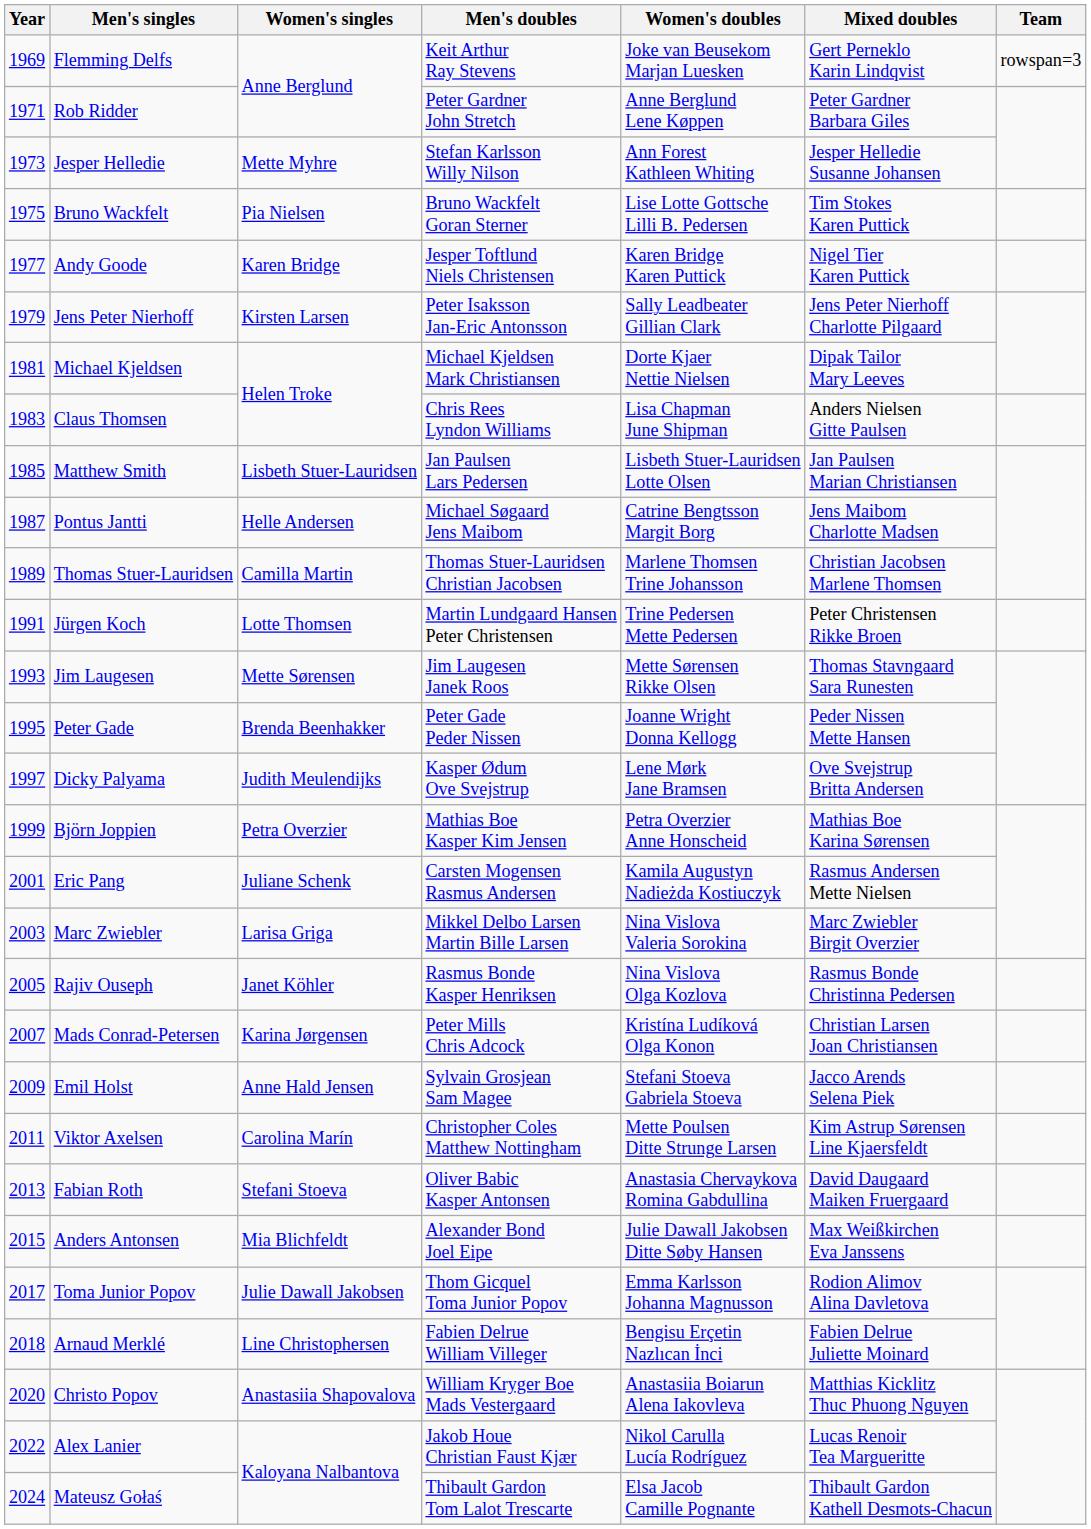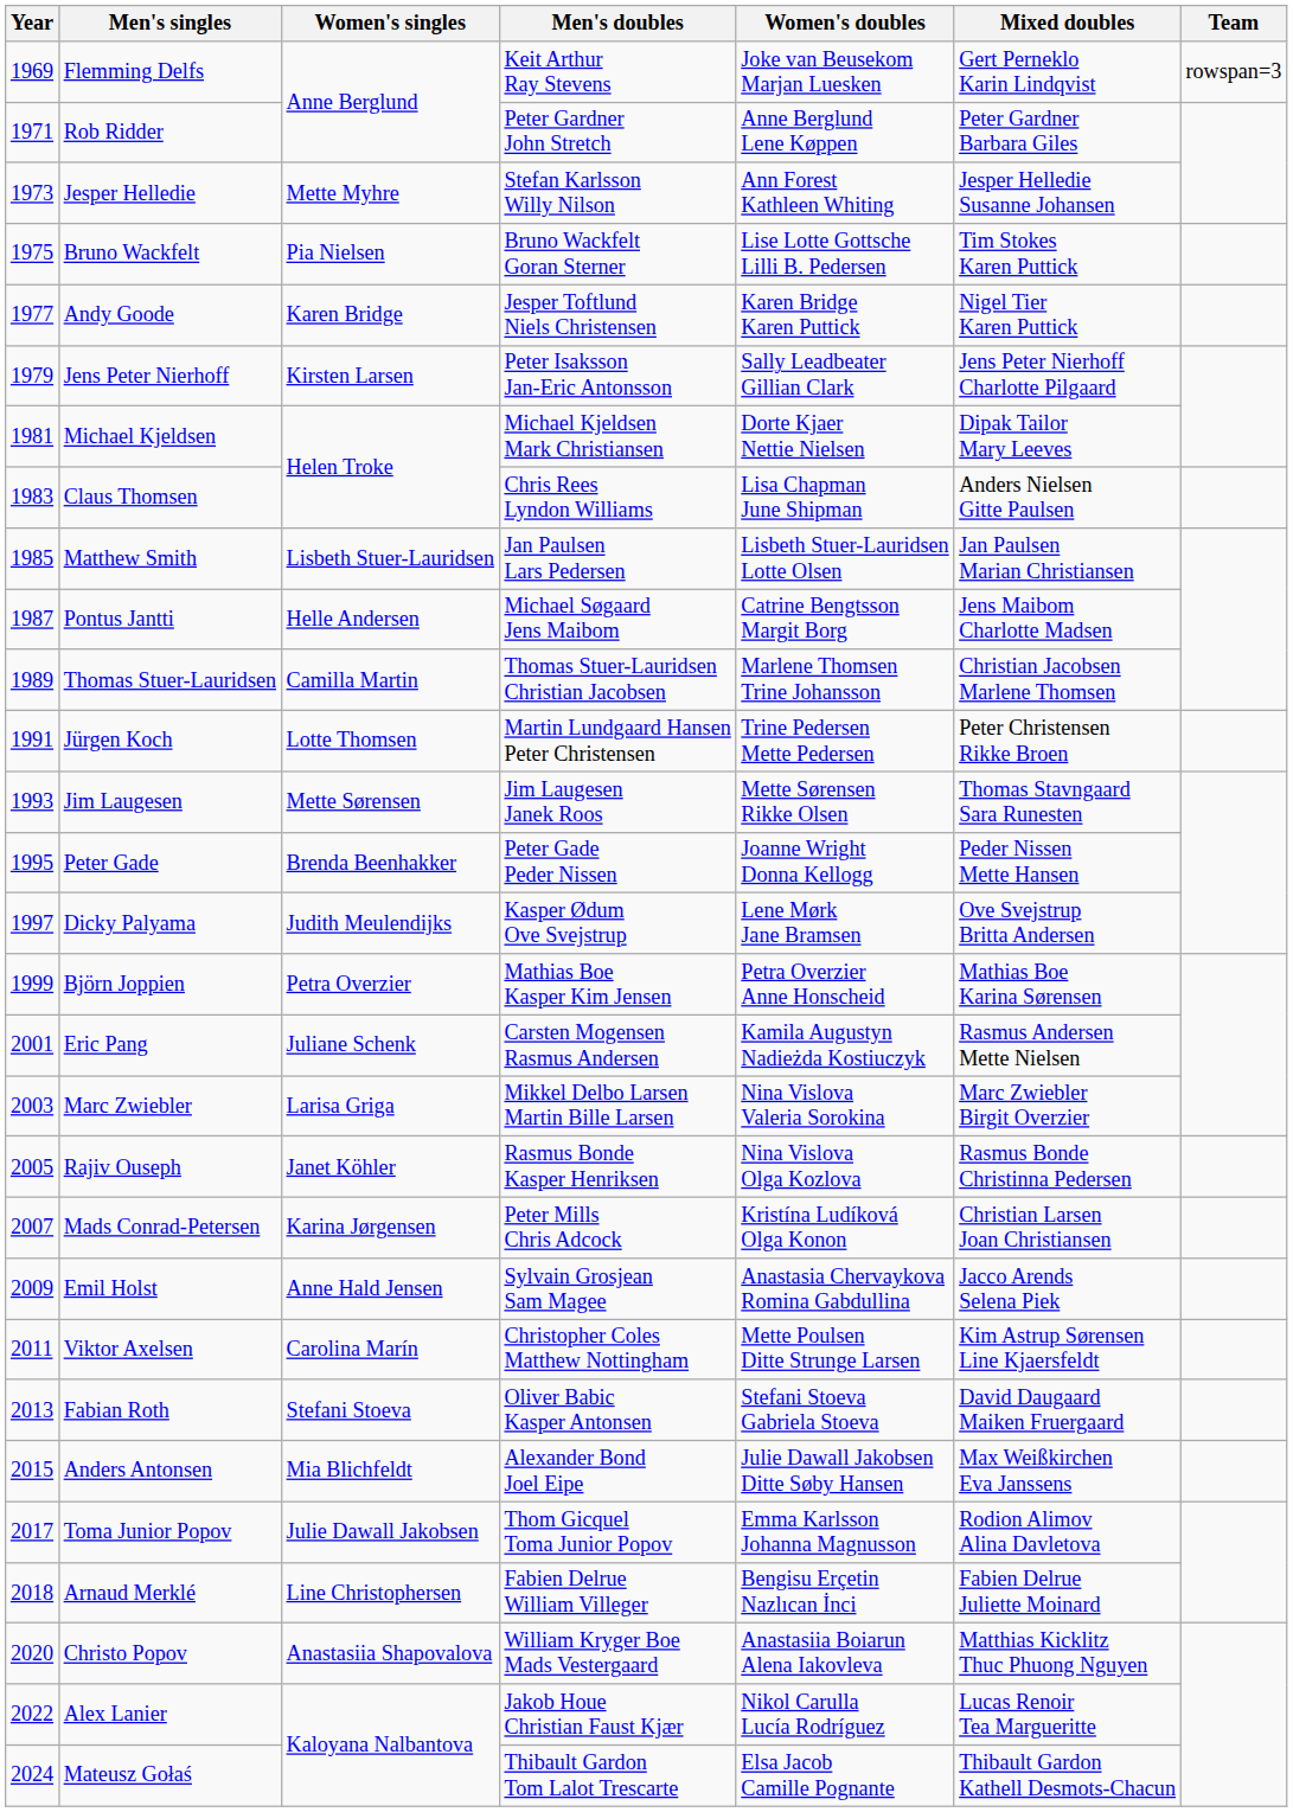 <table class=wikitable style="font-size:90%">
 <tr>
 <th>Year</th>
 <th>Men's singles</th>
 <th>Women's singles</th>
 <th>Men's doubles</th>
 <th>Women's doubles</th>
 <th>Mixed doubles</th>
 <th>Team</th>
 </tr>
 <tr>
 <td><a href='#'>1969</a></td>
 <td> <a href='#'>Flemming Delfs</a></td>
 <td rowspan=2> <a href='#'>Anne Berglund</a></td>
 <td> <a href='#'>Keit Arthur</a> <br>  <a href='#'>Ray Stevens</a></td>
 <td> <a href='#'>Joke van Beusekom</a> <br>  <a href='#'>Marjan Luesken</a></td>
 <td> <a href='#'>Gert Perneklo</a> <br>  <a href='#'>Karin Lindqvist</a></td>
 <td>rowspan=3 </td>
 </tr>
 <tr>
 <td><a href='#'>1971</a></td>
 <td> <a href='#'>Rob Ridder</a></td>
 <td> <a href='#'>Peter Gardner</a> <br>  <a href='#'>John Stretch</a></td>
 <td> <a href='#'>Anne Berglund</a> <br>  <a href='#'>Lene Køppen</a></td>
 <td> <a href='#'>Peter Gardner</a> <br>  <a href='#'>Barbara Giles</a></td>
 </tr>
 <tr>
 <td><a href='#'>1973</a></td>
 <td> <a href='#'>Jesper Helledie</a></td>
 <td> <a href='#'>Mette Myhre</a></td>
 <td> <a href='#'>Stefan Karlsson</a> <br>  <a href='#'>Willy Nilson</a></td>
 <td> <a href='#'>Ann Forest</a> <br>  <a href='#'>Kathleen Whiting</a></td>
 <td> <a href='#'>Jesper Helledie</a> <br>  <a href='#'>Susanne Johansen</a></td>
 </tr>
 <tr>
 <td><a href='#'>1975</a></td>
 <td> <a href='#'>Bruno Wackfelt</a></td>
 <td> <a href='#'>Pia Nielsen</a></td>
 <td> <a href='#'>Bruno Wackfelt</a> <br>  <a href='#'>Goran Sterner</a></td>
 <td> <a href='#'>Lise Lotte Gottsche</a> <br>  <a href='#'>Lilli B. Pedersen</a></td>
 <td> <a href='#'>Tim Stokes</a> <br>  <a href='#'>Karen Puttick</a></td>
 <td></td>
 </tr>
 <tr>
 <td><a href='#'>1977</a></td>
 <td> <a href='#'>Andy Goode</a></td>
 <td> <a href='#'>Karen Bridge</a></td>
 <td> <a href='#'>Jesper Toftlund</a> <br>  <a href='#'>Niels Christensen</a></td>
 <td> <a href='#'>Karen Bridge</a> <br>  <a href='#'>Karen Puttick</a></td>
 <td> <a href='#'>Nigel Tier</a> <br>  <a href='#'>Karen Puttick</a></td>
 <td></td>
 </tr>
 <tr>
 <td><a href='#'>1979</a></td>
 <td> <a href='#'>Jens Peter Nierhoff</a></td>
 <td> <a href='#'>Kirsten Larsen</a></td>
 <td> <a href='#'>Peter Isaksson</a> <br>  <a href='#'>Jan-Eric Antonsson</a></td>
 <td> <a href='#'>Sally Leadbeater</a> <br>  <a href='#'>Gillian Clark</a></td>
 <td> <a href='#'>Jens Peter Nierhoff</a> <br>  <a href='#'>Charlotte Pilgaard</a></td>
 <td rowspan=2></td>
 </tr>
 <tr>
 <td><a href='#'>1981</a></td>
 <td> <a href='#'>Michael Kjeldsen</a></td>
 <td rowspan=2> <a href='#'>Helen Troke</a></td>
 <td> <a href='#'>Michael Kjeldsen</a> <br>  <a href='#'>Mark Christiansen</a></td>
 <td> <a href='#'>Dorte Kjaer</a> <br>  <a href='#'>Nettie Nielsen</a></td>
 <td> <a href='#'>Dipak Tailor</a> <br>  <a href='#'>Mary Leeves</a></td>
 </tr>
 <tr>
 <td><a href='#'>1983</a></td>
 <td> <a href='#'>Claus Thomsen</a></td>
 <td> <a href='#'>Chris Rees</a> <br>  <a href='#'>Lyndon Williams</a></td>
 <td> <a href='#'>Lisa Chapman</a> <br>  <a href='#'>June Shipman</a></td>
 <td> Anders Nielsen <br>  <a href='#'>Gitte Paulsen</a></td>
 <td></td>
 </tr>
 <tr>
 <td><a href='#'>1985</a></td>
 <td> <a href='#'>Matthew Smith</a></td>
 <td> <a href='#'>Lisbeth Stuer-Lauridsen</a></td>
 <td> <a href='#'>Jan Paulsen</a> <br>  <a href='#'>Lars Pedersen</a></td>
 <td> <a href='#'>Lisbeth Stuer-Lauridsen</a> <br>  <a href='#'>Lotte Olsen</a></td>
 <td> <a href='#'>Jan Paulsen</a> <br>  <a href='#'>Marian Christiansen</a></td>
 <td rowspan=3></td>
 </tr>
 <tr>
 <td><a href='#'>1987</a></td>
 <td> <a href='#'>Pontus Jantti</a></td>
 <td> <a href='#'>Helle Andersen</a></td>
 <td> <a href='#'>Michael Søgaard</a> <br>  <a href='#'>Jens Maibom</a></td>
 <td> <a href='#'>Catrine Bengtsson</a> <br>  <a href='#'>Margit Borg</a></td>
 <td> <a href='#'>Jens Maibom</a> <br>  <a href='#'>Charlotte Madsen</a></td>
 </tr>
 <tr>
 <td><a href='#'>1989</a></td>
 <td> <a href='#'>Thomas Stuer-Lauridsen</a></td>
 <td> <a href='#'>Camilla Martin</a></td>
 <td> <a href='#'>Thomas Stuer-Lauridsen</a> <br>  <a href='#'>Christian Jacobsen</a></td>
 <td> <a href='#'>Marlene Thomsen</a> <br>  <a href='#'>Trine Johansson</a></td>
 <td> <a href='#'>Christian Jacobsen</a> <br>  <a href='#'>Marlene Thomsen</a></td>
 </tr>
 <tr>
 <td><a href='#'>1991</a></td>
 <td> <a href='#'>Jürgen Koch</a></td>
 <td> <a href='#'>Lotte Thomsen</a></td>
 <td> <a href='#'>Martin Lundgaard Hansen</a> <br>  Peter Christensen</td>
 <td> <a href='#'>Trine Pedersen</a> <br>  <a href='#'>Mette Pedersen</a></td>
 <td> Peter Christensen <br>  <a href='#'>Rikke Broen</a></td>
 <td></td>
 </tr>
 <tr>
 <td><a href='#'>1993</a></td>
 <td> <a href='#'>Jim Laugesen</a></td>
 <td> <a href='#'>Mette Sørensen</a></td>
 <td> <a href='#'>Jim Laugesen</a> <br>  <a href='#'>Janek Roos</a></td>
 <td> <a href='#'>Mette Sørensen</a> <br>  <a href='#'>Rikke Olsen</a></td>
 <td> <a href='#'>Thomas Stavngaard</a> <br>  <a href='#'>Sara Runesten</a></td>
 <td rowspan=3></td>
 </tr>
 <tr>
 <td><a href='#'>1995</a></td>
 <td> <a href='#'>Peter Gade</a></td>
 <td> <a href='#'>Brenda Beenhakker</a></td>
 <td> <a href='#'>Peter Gade</a> <br>  <a href='#'>Peder Nissen</a></td>
 <td> <a href='#'>Joanne Wright</a> <br>  <a href='#'>Donna Kellogg</a></td>
 <td> <a href='#'>Peder Nissen</a> <br>  <a href='#'>Mette Hansen</a></td>
 </tr>
 <tr>
 <td><a href='#'>1997</a></td>
 <td> <a href='#'>Dicky Palyama</a></td>
 <td> <a href='#'>Judith Meulendijks</a></td>
 <td> <a href='#'>Kasper Ødum</a> <br>  <a href='#'>Ove Svejstrup</a></td>
 <td> <a href='#'>Lene Mørk</a> <br>  <a href='#'>Jane Bramsen</a></td>
 <td> <a href='#'>Ove Svejstrup</a> <br>  <a href='#'>Britta Andersen</a></td>
 </tr>
 <tr>
 <td><a href='#'>1999</a></td>
 <td> <a href='#'>Björn Joppien</a></td>
 <td> <a href='#'>Petra Overzier</a></td>
 <td> <a href='#'>Mathias Boe</a> <br>  <a href='#'>Kasper Kim Jensen</a></td>
 <td> <a href='#'>Petra Overzier</a> <br>  <a href='#'>Anne Honscheid</a></td>
 <td> <a href='#'>Mathias Boe</a> <br>  <a href='#'>Karina Sørensen</a></td>
 <td rowspan=3></td>
 </tr>
 <tr>
 <td><a href='#'>2001</a></td>
 <td> <a href='#'>Eric Pang</a></td>
 <td> <a href='#'>Juliane Schenk</a></td>
 <td> <a href='#'>Carsten Mogensen</a> <br>  <a href='#'>Rasmus Andersen</a></td>
 <td> <a href='#'>Kamila Augustyn</a> <br>  <a href='#'>Nadieżda Kostiuczyk</a></td>
 <td> <a href='#'>Rasmus Andersen</a> <br>  Mette Nielsen</td>
 </tr>
 <tr>
 <td><a href='#'>2003</a></td>
 <td> <a href='#'>Marc Zwiebler</a></td>
 <td> <a href='#'>Larisa Griga</a></td>
 <td> <a href='#'>Mikkel Delbo Larsen</a> <br>  <a href='#'>Martin Bille Larsen</a></td>
 <td> <a href='#'>Nina Vislova</a> <br>  <a href='#'>Valeria Sorokina</a></td>
 <td> <a href='#'>Marc Zwiebler</a> <br>  <a href='#'>Birgit Overzier</a></td>
 </tr>
 <tr>
 <td><a href='#'>2005</a></td>
 <td> <a href='#'>Rajiv Ouseph</a></td>
 <td> <a href='#'>Janet Köhler</a></td>
 <td> <a href='#'>Rasmus Bonde</a> <br>  <a href='#'>Kasper Henriksen</a></td>
 <td> <a href='#'>Nina Vislova</a> <br>  <a href='#'>Olga Kozlova</a></td>
 <td> <a href='#'>Rasmus Bonde</a> <br>  <a href='#'>Christinna Pedersen</a></td>
 <td></td>
 </tr>
 <tr>
 <td><a href='#'>2007</a></td>
 <td> <a href='#'>Mads Conrad-Petersen</a></td>
 <td> <a href='#'>Karina Jørgensen</a></td>
 <td> <a href='#'>Peter Mills</a> <br>  <a href='#'>Chris Adcock</a></td>
 <td> <a href='#'>Kristína Ludíková</a> <br>  <a href='#'>Olga Konon</a></td>
 <td> <a href='#'>Christian Larsen</a> <br>  <a href='#'>Joan Christiansen</a></td>
 <td></td>
 </tr>
 <tr>
 <td><a href='#'>2009</a></td>
 <td> <a href='#'>Emil Holst</a></td>
 <td> <a href='#'>Anne Hald Jensen</a></td>
 <td> <a href='#'>Sylvain Grosjean</a> <br>  <a href='#'>Sam Magee</a></td>
-<td> <a href='#'>Stefani Stoeva</a> <br>  <a href='#'>Gabriela Stoeva</a></td>
+<td> <a href='#'>Anastasia Chervaykova</a> <br>  <a href='#'>Romina Gabdullina</a></td>
 <td> <a href='#'>Jacco Arends</a> <br>  <a href='#'>Selena Piek</a></td>
 <td></td>
 </tr>
 <tr>
 <td><a href='#'>2011</a></td>
 <td> <a href='#'>Viktor Axelsen</a></td>
 <td> <a href='#'>Carolina Marín</a></td>
 <td> <a href='#'>Christopher Coles</a> <br>  <a href='#'>Matthew Nottingham</a></td>
 <td> <a href='#'>Mette Poulsen</a> <br>  <a href='#'>Ditte Strunge Larsen</a></td>
 <td> <a href='#'>Kim Astrup Sørensen</a> <br>  <a href='#'>Line Kjaersfeldt</a></td>
 <td></td>
 </tr>
 <tr>
 <td><a href='#'>2013</a></td>
 <td> <a href='#'>Fabian Roth</a></td>
 <td> <a href='#'>Stefani Stoeva</a></td>
 <td> <a href='#'>Oliver Babic</a> <br>  <a href='#'>Kasper Antonsen</a></td>
-<td> <a href='#'>Anastasia Chervaykova</a> <br>  <a href='#'>Romina Gabdullina</a></td>
+<td> <a href='#'>Stefani Stoeva</a> <br>  <a href='#'>Gabriela Stoeva</a></td>
 <td> <a href='#'>David Daugaard</a> <br>  <a href='#'>Maiken Fruergaard</a></td>
 <td></td>
 </tr>
 <tr>
 <td><a href='#'>2015</a></td>
 <td> <a href='#'>Anders Antonsen</a></td>
 <td> <a href='#'>Mia Blichfeldt</a></td>
 <td> <a href='#'>Alexander Bond</a> <br>  <a href='#'>Joel Eipe</a></td>
 <td> <a href='#'>Julie Dawall Jakobsen</a> <br>  <a href='#'>Ditte Søby Hansen</a></td>
 <td> <a href='#'>Max Weißkirchen</a> <br>  <a href='#'>Eva Janssens</a></td>
 <td></td>
 </tr>
 <tr>
 <td><a href='#'>2017</a></td>
 <td> <a href='#'>Toma Junior Popov</a></td>
 <td> <a href='#'>Julie Dawall Jakobsen</a></td>
 <td> <a href='#'>Thom Gicquel</a><br> <a href='#'>Toma Junior Popov</a></td>
 <td> <a href='#'>Emma Karlsson</a><br> <a href='#'>Johanna Magnusson</a></td>
 <td> <a href='#'>Rodion Alimov</a><br> <a href='#'>Alina Davletova</a></td>
 <td rowspan=2></td>
 </tr>
 <tr>
 <td><a href='#'>2018</a></td>
 <td> <a href='#'>Arnaud Merklé</a></td>
 <td> <a href='#'>Line Christophersen</a></td>
 <td> <a href='#'>Fabien Delrue</a><br> <a href='#'>William Villeger</a></td>
 <td> <a href='#'>Bengisu Erçetin</a><br> <a href='#'>Nazlıcan İnci</a></td>
 <td> <a href='#'>Fabien Delrue</a><br> <a href='#'>Juliette Moinard</a></td>
 </tr>
 <tr>
 <td><a href='#'>2020</a></td>
 <td> <a href='#'>Christo Popov</a></td>
 <td> <a href='#'>Anastasiia Shapovalova</a></td>
 <td> <a href='#'>William Kryger Boe</a> <br> <a href='#'>Mads Vestergaard</a></td>
 <td> <a href='#'>Anastasiia Boiarun</a> <br> <a href='#'>Alena Iakovleva</a></td>
 <td> <a href='#'>Matthias Kicklitz</a> <br> <a href='#'>Thuc Phuong Nguyen</a></td>
 <td rowspan="3"></td>
 </tr>
 <tr>
 <td><a href='#'>2022</a></td>
 <td> <a href='#'>Alex Lanier</a></td>
 <td rowspan="2"> <a href='#'>Kaloyana Nalbantova</a></td>
 <td> <a href='#'>Jakob Houe</a> <br> <a href='#'>Christian Faust Kjær</a></td>
 <td> <a href='#'>Nikol Carulla</a> <br> <a href='#'>Lucía Rodríguez</a></td>
 <td> <a href='#'>Lucas Renoir</a> <br> <a href='#'>Tea Margueritte</a></td>
 </tr>
 <tr>
 <td><a href='#'>2024</a></td>
 <td> <a href='#'>Mateusz Gołaś</a></td>
 <td> <a href='#'>Thibault Gardon</a><br> <a href='#'>Tom Lalot Trescarte</a></td>
 <td> <a href='#'>Elsa Jacob</a><br> <a href='#'>Camille Pognante</a></td>
 <td> <a href='#'>Thibault Gardon</a><br> <a href='#'>Kathell Desmots-Chacun</a></td>
 </tr>
 </table>
